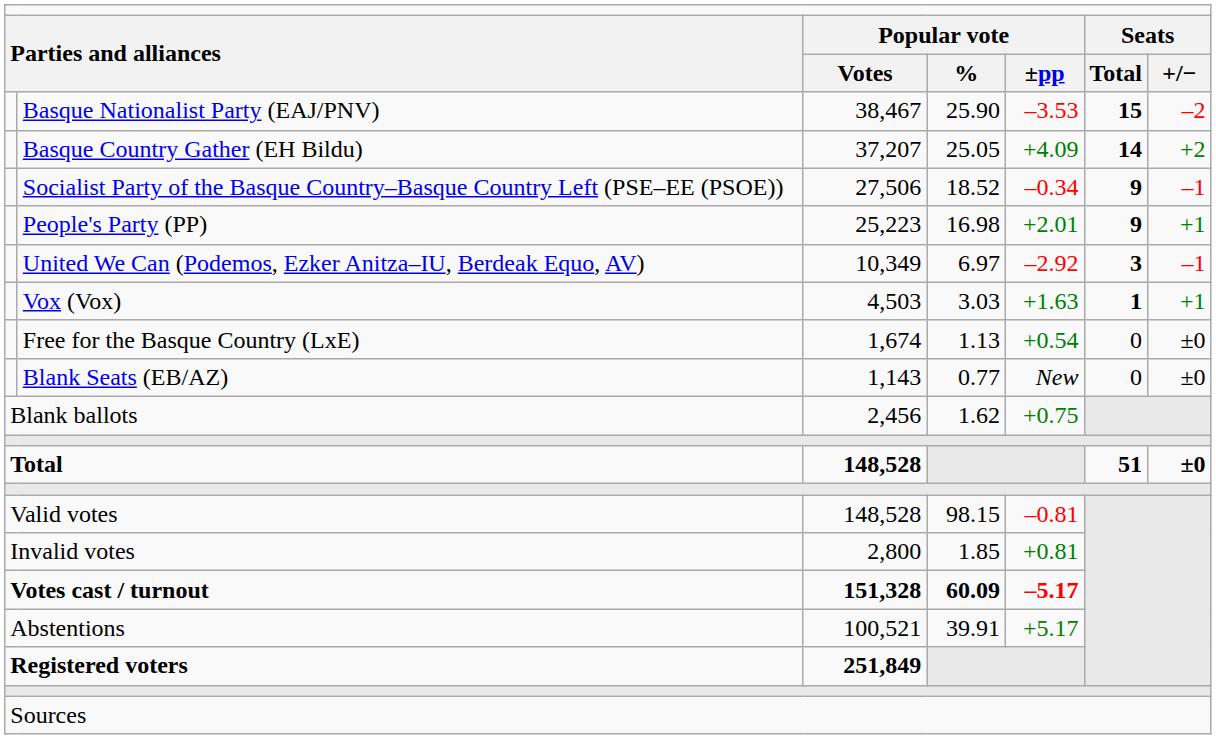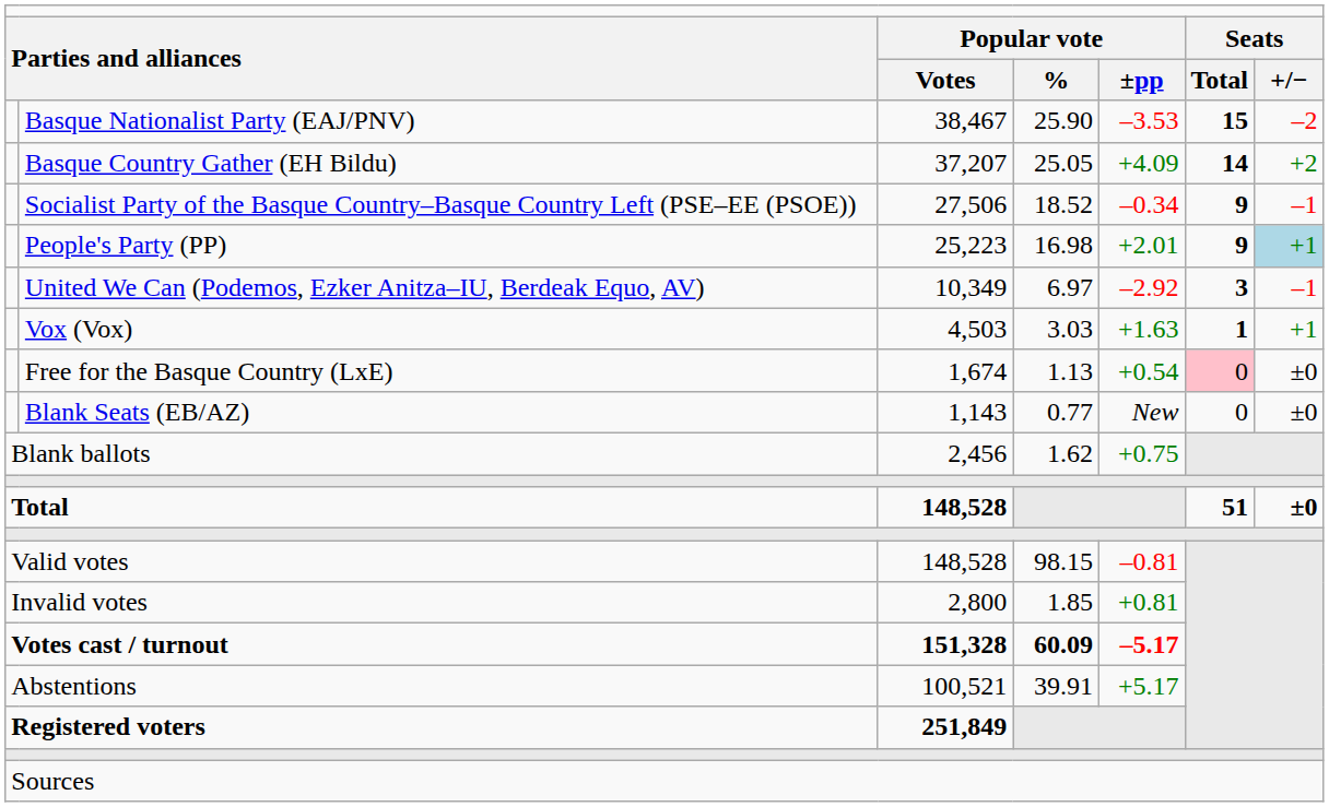 <table class="wikitable" style="text-align:right;">
 <tr>
 <td colspan="7"></td>
 </tr>
 <tr>
 <th style="text-align:left;" rowspan="2" colspan="2" width="525">Parties and alliances</th>
 <th colspan="3">Popular vote</th>
 <th colspan="2">Seats</th>
 </tr>
 <tr>
 <th width="75">Votes</th>
 <th width="45">%</th>
 <th width="45">±<a href='#'>pp</a></th>
 <th width="35">Total</th>
 <th width="35">+/−</th>
 </tr>
 <tr>
 <td width="1" style="color:inherit;background:"></td>
 <td align="left"><a href='#'>Basque Nationalist Party</a> (EAJ/PNV)</td>
 <td>38,467</td>
 <td>25.90</td>
 <td style="color:red;">–3.53</td>
 <td><strong>15</strong></td>
 <td style="color:red;">–2</td>
 </tr>
 <tr>
 <td style="color:inherit;background:"></td>
 <td align="left"><a href='#'>Basque Country Gather</a> (EH Bildu)</td>
 <td>37,207</td>
 <td>25.05</td>
 <td style="color:green;">+4.09</td>
 <td><strong>14</strong></td>
 <td style="color:green;">+2</td>
 </tr>
 <tr>
 <td style="color:inherit;background:"></td>
 <td align="left"><a href='#'>Socialist Party of the Basque Country–Basque Country Left</a> (PSE–EE (PSOE))</td>
 <td>27,506</td>
 <td>18.52</td>
 <td style="color:red;">–0.34</td>
 <td><strong>9</strong></td>
 <td style="color:red;">–1</td>
 </tr>
 <tr>
 <td style="color:inherit;background:"></td>
 <td align="left"><a href='#'>People's Party</a> (PP)</td>
 <td>25,223</td>
 <td>16.98</td>
 <td style="color:green;">+2.01</td>
 <td><strong>9</strong></td>
-<td style="color:green;">+1</td>
+<td style="background: lightblue; color:green;">+1</td>
 </tr>
 <tr>
 <td style="color:inherit;background:"></td>
 <td align="left"><a href='#'>United We Can</a> (<a href='#'>Podemos</a>, <a href='#'>Ezker Anitza–IU</a>, <a href='#'>Berdeak Equo</a>, <a href='#'>AV</a>)</td>
 <td>10,349</td>
 <td>6.97</td>
 <td style="color:red;">–2.92</td>
 <td><strong>3</strong></td>
 <td style="color:red;">–1</td>
 </tr>
 <tr>
 <td style="color:inherit;background:"></td>
 <td align="left"><a href='#'>Vox</a> (Vox)</td>
 <td>4,503</td>
 <td>3.03</td>
 <td style="color:green;">+1.63</td>
 <td><strong>1</strong></td>
 <td style="color:green;">+1</td>
 </tr>
 <tr>
 <td style="color:inherit;background:"></td>
 <td align="left">Free for the Basque Country (LxE)</td>
 <td>1,674</td>
 <td>1.13</td>
 <td style="color:green;">+0.54</td>
-<td>0</td>
+<td style="background: pink;">0</td>
 <td>±0</td>
 </tr>
 <tr>
 <td style="color:inherit;background:"></td>
 <td align="left"><a href='#'>Blank Seats</a> (EB/AZ)</td>
 <td>1,143</td>
 <td>0.77</td>
 <td><em>New</em></td>
 <td>0</td>
 <td>±0</td>
 </tr>
 <tr>
 <td align="left" colspan="2">Blank ballots</td>
 <td>2,456</td>
 <td>1.62</td>
 <td style="color:green;">+0.75</td>
 <td bgcolor="#E9E9E9" colspan="2"></td>
 </tr>
 <tr>
 <td colspan="7" bgcolor="#E9E9E9"></td>
 </tr>
 <tr style="font-weight:bold;">
 <td align="left" colspan="2">Total</td>
 <td>148,528</td>
 <td bgcolor="#E9E9E9" colspan="2"></td>
 <td>51</td>
 <td>±0</td>
 </tr>
 <tr>
 <td colspan="7" bgcolor="#E9E9E9"></td>
 </tr>
 <tr>
 <td align="left" colspan="2">Valid votes</td>
 <td>148,528</td>
 <td>98.15</td>
 <td style="color:red;">–0.81</td>
 <td bgcolor="#E9E9E9" colspan="2" rowspan="5"></td>
 </tr>
 <tr>
 <td align="left" colspan="2">Invalid votes</td>
 <td>2,800</td>
 <td>1.85</td>
 <td style="color:green;">+0.81</td>
 </tr>
 <tr style="font-weight:bold;">
 <td align="left" colspan="2">Votes cast / turnout</td>
 <td>151,328</td>
 <td>60.09</td>
 <td style="color:red;">–5.17</td>
 </tr>
 <tr>
 <td align="left" colspan="2">Abstentions</td>
 <td>100,521</td>
 <td>39.91</td>
 <td style="color:green;">+5.17</td>
 </tr>
 <tr style="font-weight:bold;">
 <td align="left" colspan="2">Registered voters</td>
 <td>251,849</td>
 <td bgcolor="#E9E9E9" colspan="2"></td>
 </tr>
 <tr>
 <td colspan="7" bgcolor="#E9E9E9"></td>
 </tr>
 <tr>
 <td align="left" colspan="7">Sources</td>
 </tr>
 </table>
